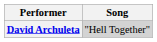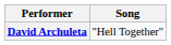 <table class="wikitable unsortable" style="text-align:center;">
 <tr>
 <th scope="col">Performer</th>
 <th scope="col">Song</th>
 </tr>
 <tr>
 <th scope="row"><a href='#'>David Archuleta</a></th>
-<td style="background: lightgrey;">"Hell Together"</td>
+<td>"Hell Together"</td>
 </tr>
 </table>
